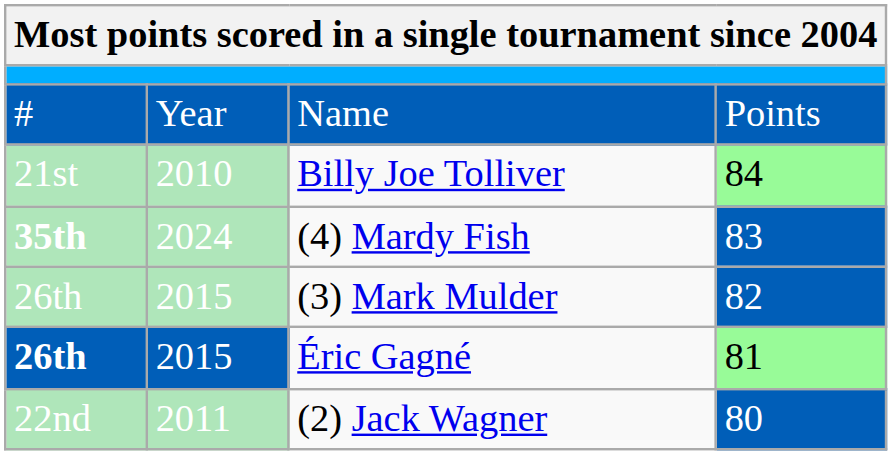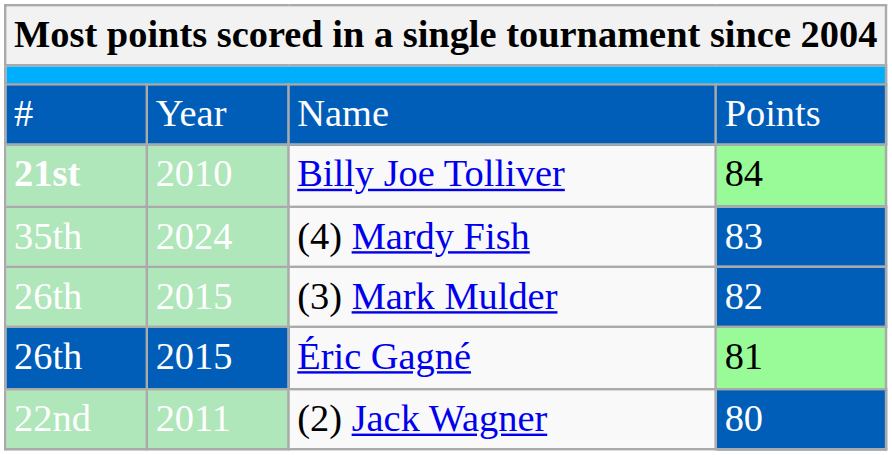 <table class="wikitable">
 <tr>
 <th colspan="4">Most points scored in a single tournament since 2004</th>
 </tr>
 <tr>
 <td ! colspan="14" style="background-color:#00aeff; color:#00aeff; color:white;"><div></div></td>
 </tr>
 <tr>
 <td ! style="background-color:#005eb8; color:#ffffff; color:white;"><div>#</div></td>
 <td ! style="background-color:#005eb8; color:#ffffff; color:white;"><div>Year</div></td>
 <td ! style="background-color:#005eb8; color:#ffffff; color:white;"><div>Name</div></td>
 <td ! style="background-color:#005eb8; color:#ffffff; color:white;"><div>Points</div></td>
 </tr>
 <tr>
-<td ! style="background-color:#afe6ba; color:#ffffff; color:white;"><div>21st</div></td>
+<td ! style="background-color:#afe6ba; color:#ffffff; color:white;"><strong><div>21st</div></strong></td>
 <td ! style="background-color:#afe6ba; color:#ffffff; color:white;"><div>2010</div></td>
 <td> <a href='#'>Billy Joe Tolliver</a></td>
 <td ! style="background:PaleGreen"><div>84</div></td>
 </tr>
 <tr>
-<td ! style="background-color:#afe6ba; color:#ffffff; color:white;"><strong><div>35th</div></strong></td>
+<td ! style="background-color:#afe6ba; color:#ffffff; color:white;"><div>35th</div></td>
 <td ! style="background-color:#afe6ba; color:#ffffff; color:white;"><div>2024</div></td>
 <td> (4) <a href='#'>Mardy Fish</a></td>
 <td ! style="background-color:#005eb8; color:#ffffff; color:white;"><div>83</div></td>
 </tr>
 <tr>
 <td ! style="background-color:#afe6ba; color:#ffffff; color:white;"><div>26th</div></td>
 <td ! style="background-color:#afe6ba; color:#ffffff; color:white;"><div>2015</div></td>
 <td> (3) <a href='#'>Mark Mulder</a></td>
 <td ! style="background-color:#005eb8; color:#ffffff; color:white;"><div>82</div></td>
 </tr>
 <tr>
-<td ! style="background-color:#005eb8; color:#ffffff; color:white;"><strong><div>26th</div></strong></td>
+<td ! style="background-color:#005eb8; color:#ffffff; color:white;"><div>26th</div></td>
 <td ! style="background-color:#005eb8; color:#ffffff; color:white;"><div>2015</div></td>
 <td> <a href='#'>Éric Gagné</a></td>
 <td ! style="background:PaleGreen"><div>81</div></td>
 </tr>
 <tr>
 <td ! style="background-color:#afe6ba; color:#ffffff; color:white;"><div>22nd</div></td>
 <td ! style="background-color:#afe6ba; color:#ffffff; color:white;"><div>2011</div></td>
 <td> (2) <a href='#'>Jack Wagner</a></td>
 <td ! style="background-color:#005eb8; color:#ffffff; color:white;"><div>80</div></td>
 </tr>
 </table>
